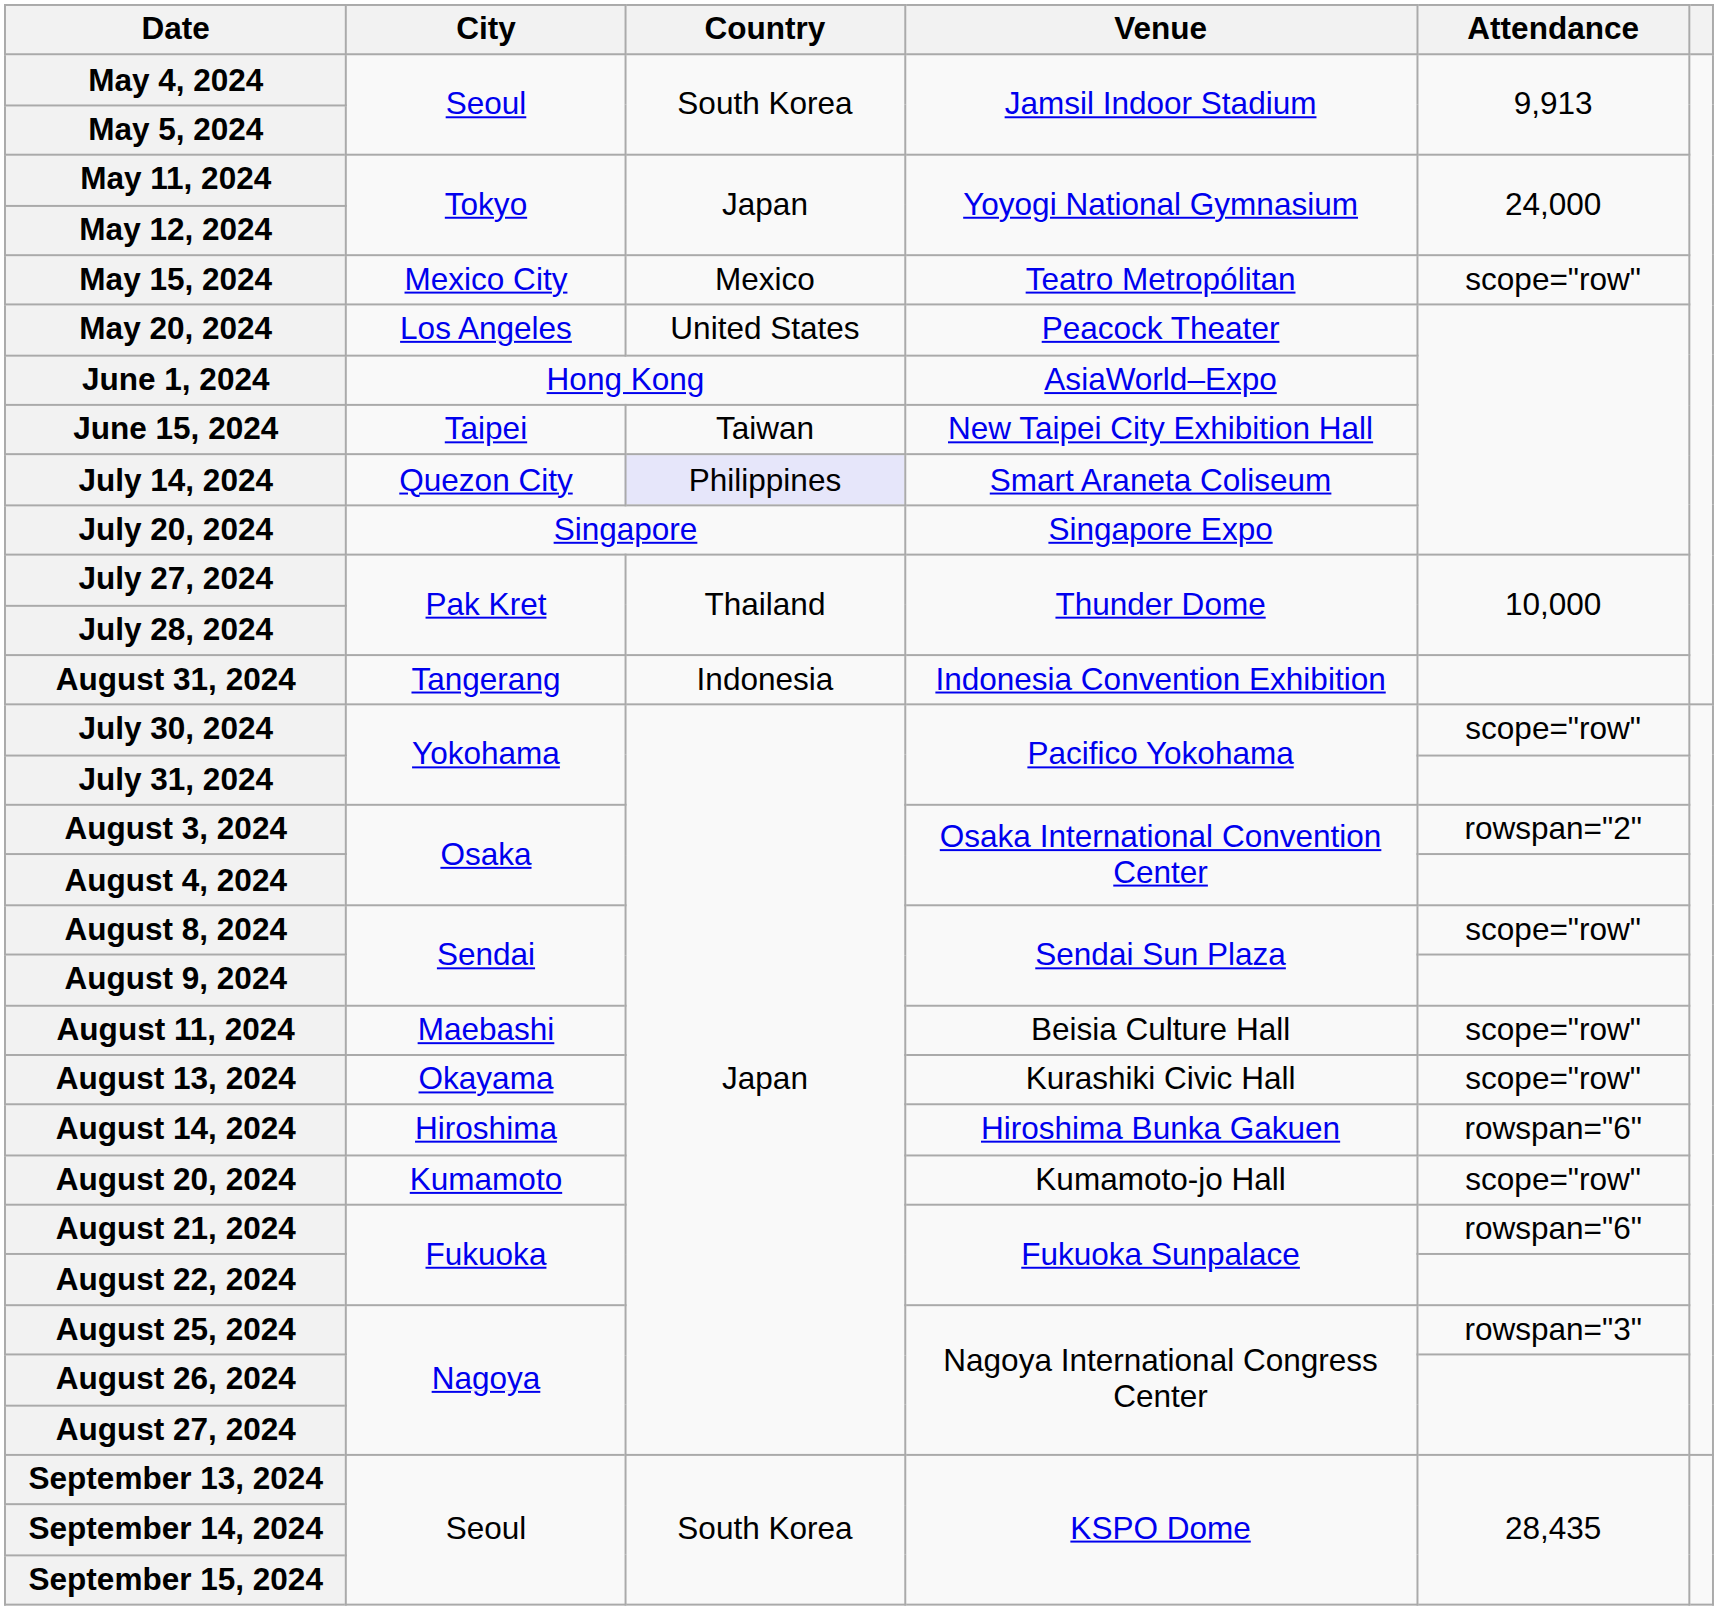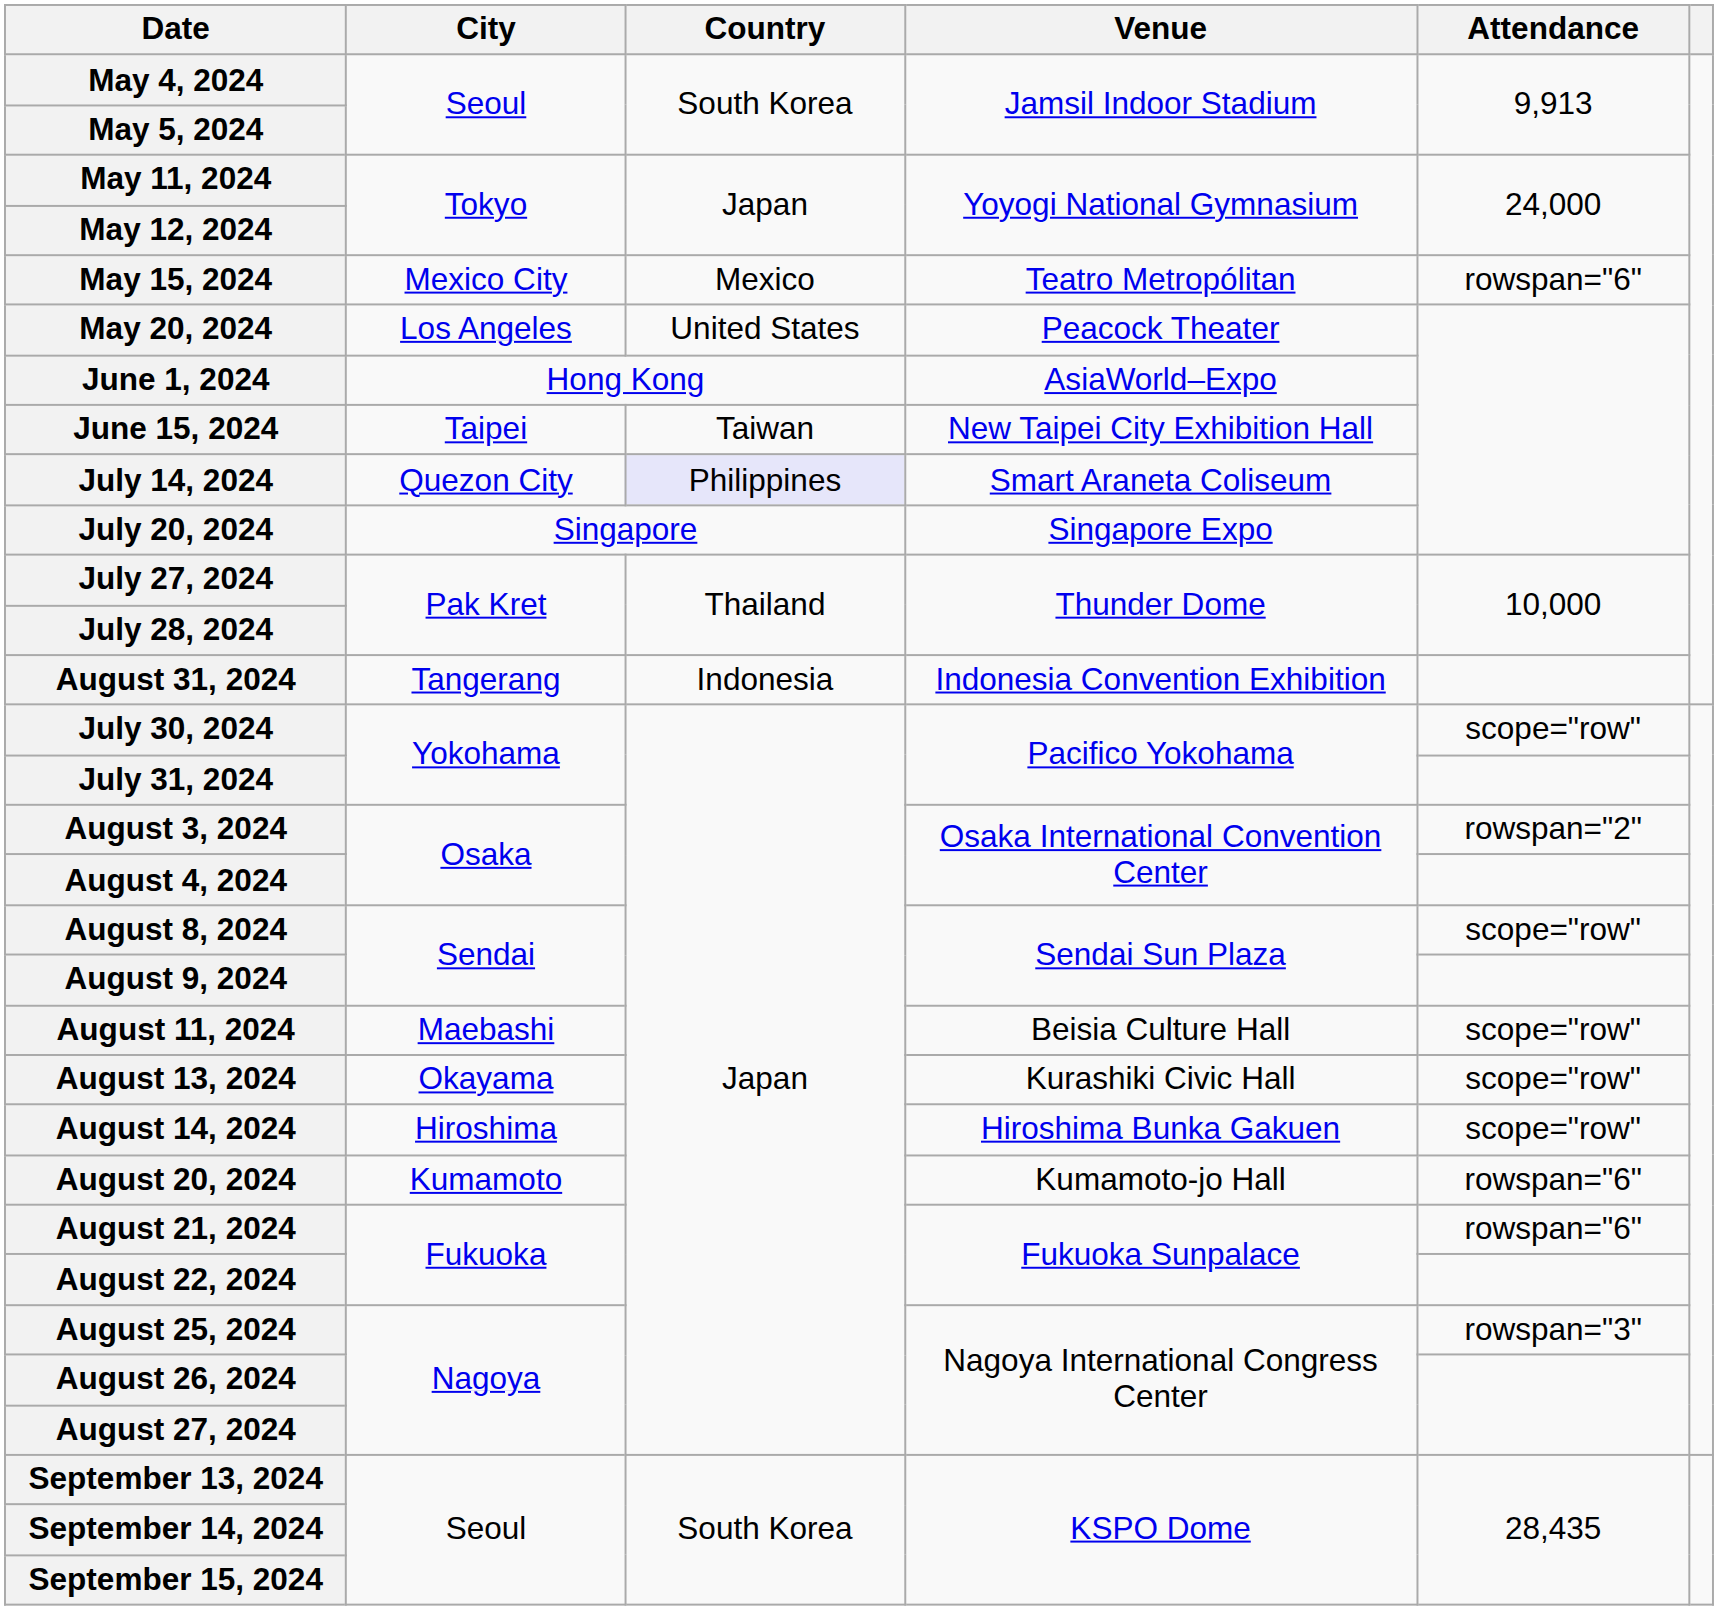 <table class="wikitable plainrowheaders" style="text-align:center">
 <tr>
 <th scope="col" style="width:12em">Date</th>
 <th scope="col" style="width:9.5em">City</th>
 <th scope="col" style="width:9.5em">Country</th>
 <th scope="col" style="width:19em">Venue</th>
 <th scope="col" style="width:9em">Attendance</th>
 <th scope="col"></th>
 </tr>
 <tr>
 <th scope="row">May 4, 2024</th>
 <td rowspan="2"><a href='#'>Seoul</a></td>
 <td rowspan="2">South Korea</td>
 <td rowspan="2"><a href='#'>Jamsil Indoor Stadium</a></td>
 <td rowspan="2">9,913</td>
 <td rowspan="13"></td>
 </tr>
 <tr>
 <th scope="row">May 5, 2024</th>
 </tr>
 <tr>
 <th scope="row">May 11, 2024</th>
 <td rowspan="2"><a href='#'>Tokyo</a></td>
 <td rowspan="2">Japan</td>
 <td rowspan="2"><a href='#'>Yoyogi National Gymnasium</a></td>
 <td rowspan="2">24,000</td>
 </tr>
 <tr>
 <th scope="row">May 12, 2024</th>
 </tr>
 <tr>
 <th scope="row">May 15, 2024</th>
 <td><a href='#'>Mexico City</a></td>
 <td>Mexico</td>
 <td><a href='#'>Teatro Metropólitan</a></td>
-<td>scope="row" </td>
+<td>rowspan="6" </td>
 </tr>
 <tr>
 <th scope="row">May 20, 2024</th>
 <td><a href='#'>Los Angeles</a></td>
 <td>United States</td>
 <td><a href='#'>Peacock Theater</a></td>
 </tr>
 <tr>
 <th scope="row">June 1, 2024</th>
 <td colspan="2"><a href='#'>Hong Kong</a></td>
 <td><a href='#'>AsiaWorld–Expo</a></td>
 </tr>
 <tr>
 <th scope="row">June 15, 2024</th>
 <td><a href='#'>Taipei</a></td>
 <td>Taiwan</td>
 <td><a href='#'>New Taipei City Exhibition Hall</a></td>
 </tr>
 <tr>
 <th scope="row">July 14, 2024</th>
 <td><a href='#'>Quezon City</a></td>
 <td style="background: lavender;">Philippines</td>
 <td><a href='#'>Smart Araneta Coliseum</a></td>
 </tr>
 <tr>
 <th scope="row">July 20, 2024</th>
 <td colspan="2"><a href='#'>Singapore</a></td>
 <td><a href='#'>Singapore Expo</a></td>
 </tr>
 <tr>
 <th scope="row">July 27, 2024</th>
 <td rowspan="2"><a href='#'>Pak Kret</a></td>
 <td rowspan="2">Thailand</td>
 <td rowspan="2"><a href='#'>Thunder Dome</a></td>
 <td rowspan="2">10,000</td>
 </tr>
 <tr>
 <th scope="row">July 28, 2024</th>
 </tr>
 <tr>
 <th scope="row">August 31, 2024</th>
 <td><a href='#'>Tangerang</a></td>
 <td>Indonesia</td>
 <td><a href='#'>Indonesia Convention Exhibition</a></td>
 <td></td>
 </tr>
 <tr>
 <th scope="row">July 30, 2024</th>
 <td rowspan="2"><a href='#'>Yokohama</a></td>
 <td rowspan="15">Japan</td>
 <td rowspan="2"><a href='#'>Pacifico Yokohama</a></td>
 <td>scope="row" </td>
 <td rowspan="15"></td>
 </tr>
 <tr>
 <th scope="row">July 31, 2024</th>
 </tr>
 <tr>
 <th scope="row">August 3, 2024</th>
 <td rowspan="2"><a href='#'>Osaka</a></td>
 <td rowspan="2"><a href='#'>Osaka International Convention Center</a></td>
 <td>rowspan="2" </td>
 </tr>
 <tr>
 <th scope="row">August 4, 2024</th>
 </tr>
 <tr>
 <th scope="row">August 8, 2024</th>
 <td rowspan="2"><a href='#'>Sendai</a></td>
 <td rowspan="2"><a href='#'>Sendai Sun Plaza</a></td>
 <td>scope="row" </td>
 </tr>
 <tr>
 <th scope="row">August 9, 2024</th>
 </tr>
 <tr>
 <th scope="row">August 11, 2024</th>
 <td scope="row"><a href='#'>Maebashi</a></td>
 <td scope="row">Beisia Culture Hall</td>
 <td>scope="row" </td>
 </tr>
 <tr>
 <th scope="row">August 13, 2024</th>
 <td scope="row"><a href='#'>Okayama</a></td>
 <td scope="row">Kurashiki Civic Hall</td>
 <td>scope="row" </td>
 </tr>
 <tr>
 <th scope="row">August 14, 2024</th>
 <td scope="row"><a href='#'>Hiroshima</a></td>
 <td scope="row"><a href='#'>Hiroshima Bunka Gakuen</a></td>
-<td>rowspan="6" </td>
+<td>scope="row" </td>
 </tr>
 <tr>
 <th scope="row">August 20, 2024</th>
 <td scope="row"><a href='#'>Kumamoto</a></td>
 <td scope="row">Kumamoto-jo Hall</td>
-<td>scope="row" </td>
+<td>rowspan="6" </td>
 </tr>
 <tr>
 <th scope="row">August 21, 2024</th>
 <td rowspan="2"><a href='#'>Fukuoka</a></td>
 <td rowspan="2"><a href='#'>Fukuoka Sunpalace</a></td>
 <td>rowspan="6" </td>
 </tr>
 <tr>
 <th scope="row">August 22, 2024</th>
 </tr>
 <tr>
 <th scope="row">August 25, 2024</th>
 <td rowspan="3"><a href='#'>Nagoya</a></td>
 <td rowspan="3">Nagoya International Congress Center</td>
 <td>rowspan="3" </td>
 </tr>
 <tr>
 <th scope="row">August 26, 2024</th>
 </tr>
 <tr>
 <th scope="row">August 27, 2024</th>
 </tr>
 <tr>
 <th scope="row">September 13, 2024</th>
 <td rowspan="3">Seoul</td>
 <td rowspan="3">South Korea</td>
 <td rowspan="3"><a href='#'>KSPO Dome</a></td>
 <td rowspan="3">28,435</td>
 <td rowspan="15"> </td>
 </tr>
 <tr>
 <th scope="row">September 14, 2024</th>
 </tr>
 <tr>
 <th scope="row">September 15, 2024</th>
 </tr>
 </table>
